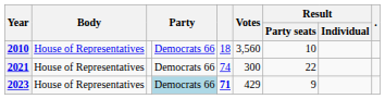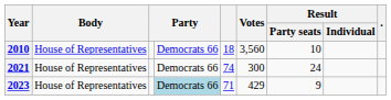 <table class="wikitable plainrowheaders sortable" border=2 cellpadding=4 cellspacing=0 style="border: 1px #aaa solid; font-size: 90%; text-align:center;">
 <tr>
 <th scope="col" rowspan=2>Year</th>
 <th scope="col" rowspan=2>Body</th>
 <th scope="col" colspan=2 rowspan=2>Party</th>
 <th scope="col" rowspan=2></th>
 <th scope="col" rowspan=2>Votes</th>
 <th scope="colgroup" colspan=2>Result</th>
 <th scope="col" rowspan=2 class="unsortable">.</th>
 </tr>
 <tr>
 <th scope="col">Party seats</th>
 <th scope="col">Individual</th>
 </tr>
 <tr>
 <th scope="row"><a href='#'>2010</a></th>
 <td><a href='#'>House of Representatives</a></td>
 <td style="background-color:"></td>
 <td><a href='#'>Democrats 66</a></td>
 <td style=text-align:right><a href='#'>18</a></td>
 <td style=text-align:right>3,560</td>
 <td style=text-align:right>10</td>
 <td></td>
 <td></td>
 </tr>
 <tr>
 <th scope="row"><a href='#'>2021</a></th>
 <td>House of Representatives</td>
 <td style="background-color:"></td>
 <td>Democrats 66</td>
 <td style=text-align:right><a href='#'>74</a></td>
 <td style=text-align:right>300</td>
-<td style=text-align:right>22</td>
+<td style=text-align:right>24</td>
 <td></td>
 <td></td>
 </tr>
 <tr>
 <th scope="row"><a href='#'>2023</a></th>
 <td>House of Representatives</td>
 <td style="background-color:"></td>
 <td style="background: lightblue;">Democrats 66</td>
-<td style=text-align:right><strong><a href='#'>71</a></strong></td>
+<td style=text-align:right><a href='#'>71</a></td>
 <td style=text-align:right>429</td>
 <td style=text-align:right>9</td>
 <td></td>
 <td></td>
 </tr>
 </table>
